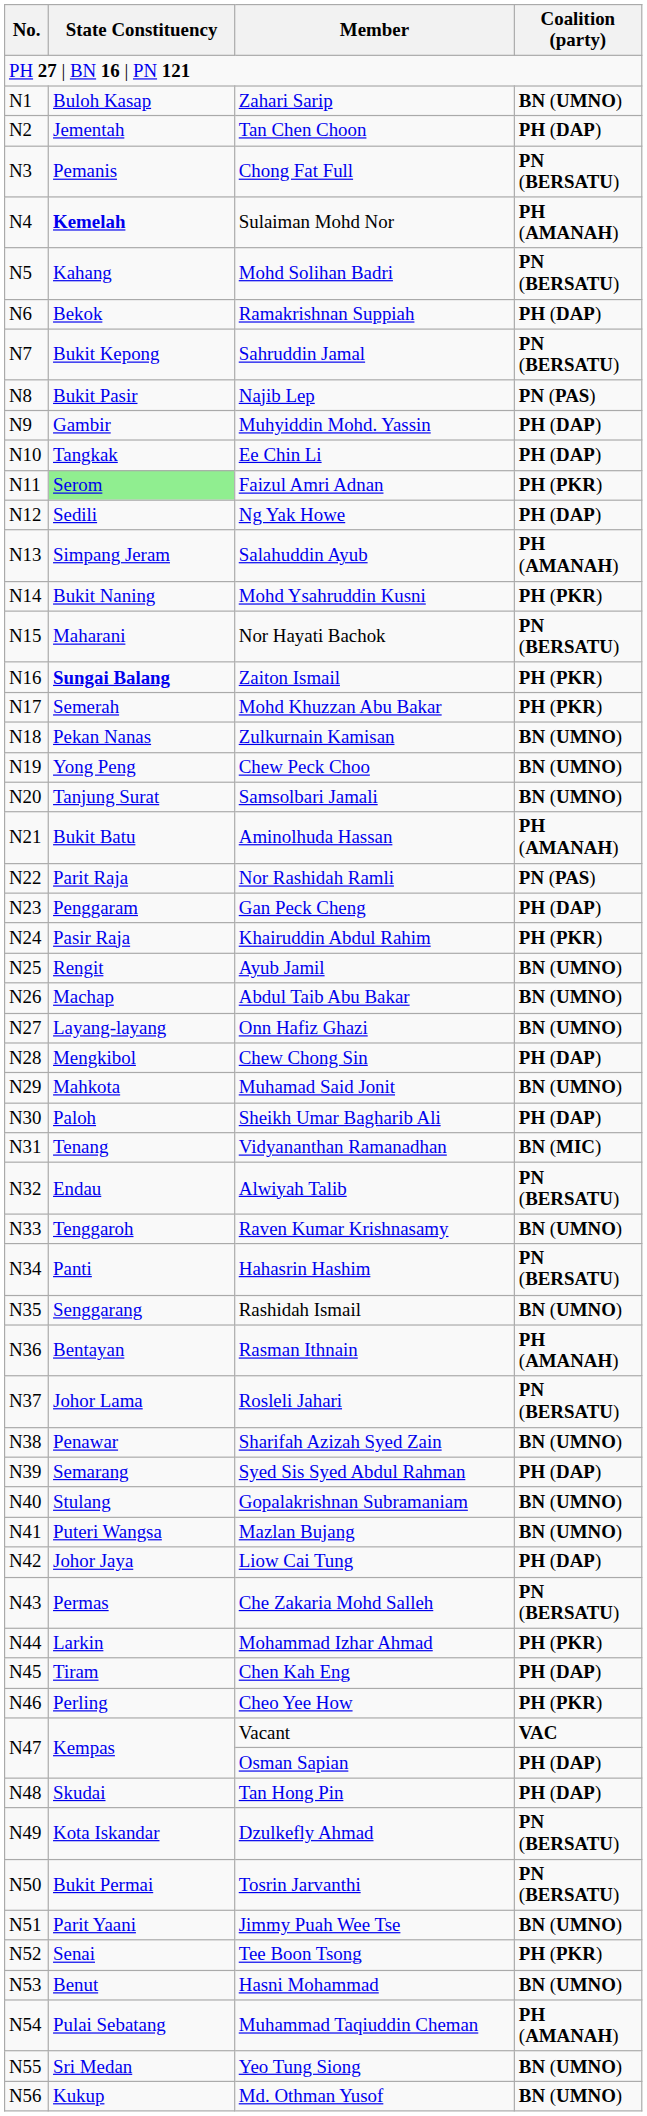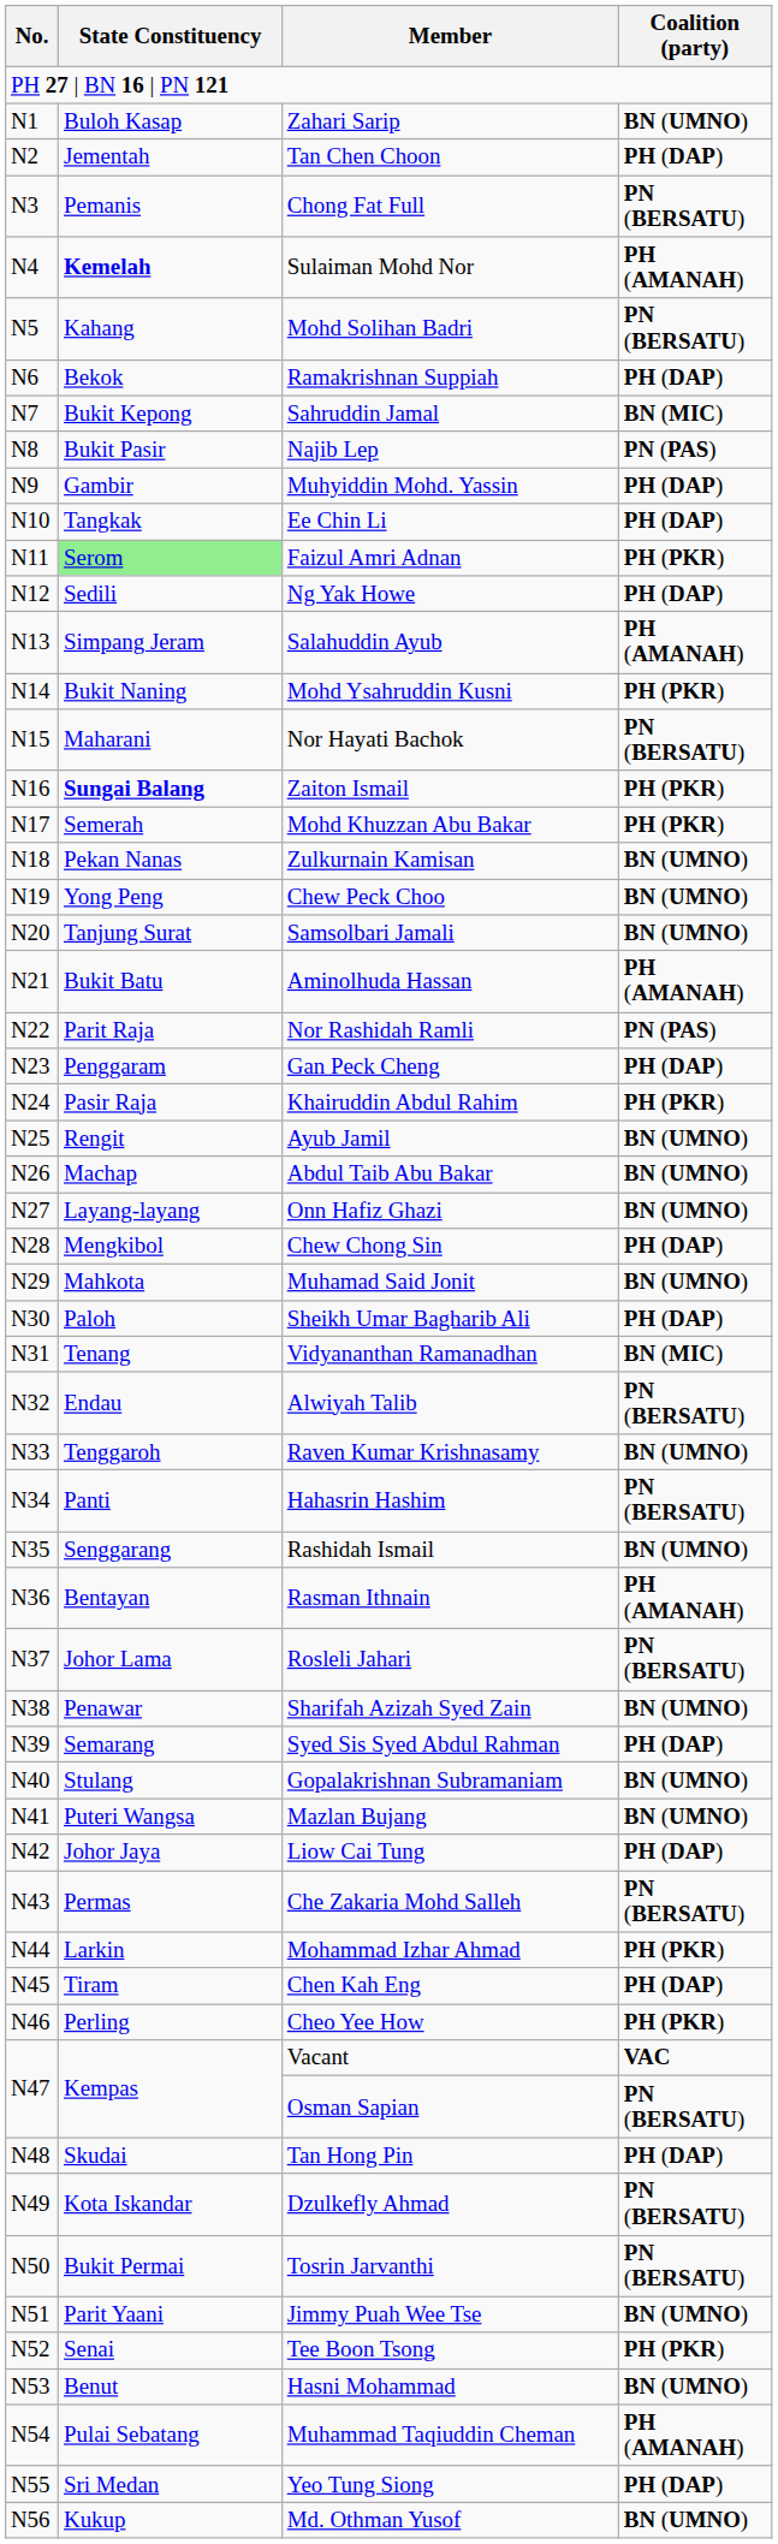 <table class="wikitable sortable">
 <tr>
 <th style="width:30px;">No.</th>
 <th style="width:150px;">State Constituency</th>
 <th style="width:230px;">Member</th>
 <th style="width:100px;">Coalition (party)</th>
 </tr>
 <tr>
 <td colspan="7"><a href='#'>PH</a> <strong>27</strong> | <a href='#'>BN</a> <strong>16</strong> | <a href='#'>PN</a> <strong>12</strong><strong>1</strong></td>
 </tr>
 <tr>
 <td>N1</td>
 <td><a href='#'>Buloh Kasap</a></td>
 <td><a href='#'>Zahari Sarip</a></td>
 <td style="background:"><strong>BN</strong> (<strong>UMNO</strong>)</td>
 </tr>
 <tr>
 <td>N2</td>
 <td><a href='#'>Jementah</a></td>
 <td><a href='#'>Tan Chen Choon</a></td>
 <td style="background:"><strong>PH</strong> (<strong>DAP</strong>)</td>
 </tr>
 <tr>
 <td>N3</td>
 <td><a href='#'>Pemanis</a></td>
 <td><a href='#'>Chong Fat Full</a></td>
 <td style="background:"><strong>PN</strong> (<strong>BERSATU</strong>)</td>
 </tr>
 <tr>
 <td>N4</td>
 <td><strong><a href='#'>Kemelah</a></strong></td>
 <td>Sulaiman Mohd Nor</td>
 <td style="background:"><strong>PH</strong> (<strong>AMANAH</strong>)</td>
 </tr>
 <tr>
 <td>N5</td>
 <td><a href='#'>Kahang</a></td>
 <td><a href='#'>Mohd Solihan Badri</a></td>
 <td style="background:"><strong>PN</strong> (<strong>BERSATU</strong>)</td>
 </tr>
 <tr>
 <td>N6</td>
 <td><a href='#'>Bekok</a></td>
 <td><a href='#'>Ramakrishnan Suppiah</a></td>
 <td style="background:"><strong>PH</strong> (<strong>DAP</strong>)</td>
 </tr>
 <tr>
 <td>N7</td>
 <td><a href='#'>Bukit Kepong</a></td>
 <td><a href='#'>Sahruddin Jamal</a></td>
-<td style="background:"><strong>PN</strong> (<strong>BERSATU</strong>)</td>
+<td style="background:"><strong>BN</strong> (<strong>MIC</strong>)</td>
 </tr>
 <tr>
 <td>N8</td>
 <td><a href='#'>Bukit Pasir</a></td>
 <td><a href='#'>Najib Lep</a></td>
 <td style="background:"><strong>PN</strong> (<strong>PAS</strong>)</td>
 </tr>
 <tr>
 <td>N9</td>
 <td><a href='#'>Gambir</a></td>
 <td><a href='#'>Muhyiddin Mohd. Yassin</a></td>
 <td style="background:"><strong>PH</strong> (<strong>DAP</strong>)</td>
 </tr>
 <tr>
 <td>N10</td>
 <td><a href='#'>Tangkak</a></td>
 <td><a href='#'>Ee Chin Li</a></td>
 <td style="background:"><strong>PH</strong> (<strong>DAP</strong>)</td>
 </tr>
 <tr>
 <td>N11</td>
 <td style="background: lightgreen;"><a href='#'>Serom</a></td>
 <td><a href='#'>Faizul Amri Adnan</a></td>
 <td style="background:"><strong>PH</strong> (<strong>PKR</strong>)</td>
 </tr>
 <tr>
 <td>N12</td>
 <td><a href='#'>Sedili</a></td>
 <td><a href='#'>Ng Yak Howe</a></td>
 <td style="background:"><strong>PH</strong> (<strong>DAP</strong>)</td>
 </tr>
 <tr>
 <td>N13</td>
 <td><a href='#'>Simpang Jeram</a></td>
 <td><a href='#'>Salahuddin Ayub</a></td>
 <td style="background:"><strong>PH</strong> (<strong>AMANAH</strong>)</td>
 </tr>
 <tr>
 <td>N14</td>
 <td><a href='#'>Bukit Naning</a></td>
 <td><a href='#'>Mohd Ysahruddin Kusni</a></td>
 <td style="background:"><strong>PH</strong> (<strong>PKR</strong>)</td>
 </tr>
 <tr>
 <td>N15</td>
 <td><a href='#'>Maharani</a></td>
 <td>Nor Hayati Bachok</td>
 <td style="background:"><strong>PN</strong> (<strong>BERSATU</strong>)</td>
 </tr>
 <tr>
 <td>N16</td>
 <td><strong><a href='#'>Sungai Balang</a></strong></td>
 <td><a href='#'>Zaiton Ismail</a></td>
 <td style="background:"><strong>PH</strong> (<strong>PKR</strong>)</td>
 </tr>
 <tr>
 <td>N17</td>
 <td><a href='#'>Semerah</a></td>
 <td><a href='#'>Mohd Khuzzan Abu Bakar</a></td>
 <td style="background:"><strong>PH</strong> (<strong>PKR</strong>)</td>
 </tr>
 <tr>
 <td>N18</td>
 <td><a href='#'>Pekan Nanas</a></td>
 <td><a href='#'>Zulkurnain Kamisan</a></td>
 <td style="background:"><strong>BN</strong> (<strong>UMNO</strong>)</td>
 </tr>
 <tr>
 <td>N19</td>
 <td><a href='#'>Yong Peng</a></td>
 <td><a href='#'>Chew Peck Choo</a></td>
 <td style="background:"><strong>BN</strong> (<strong>UMNO</strong>)</td>
 </tr>
 <tr>
 <td>N20</td>
 <td><a href='#'>Tanjung Surat</a></td>
 <td><a href='#'>Samsolbari Jamali</a></td>
 <td style="background:"><strong>BN</strong> (<strong>UMNO</strong>)</td>
 </tr>
 <tr>
 <td>N21</td>
 <td><a href='#'>Bukit Batu</a></td>
 <td><a href='#'>Aminolhuda Hassan</a></td>
 <td style="background:"><strong>PH</strong> (<strong>AMANAH</strong>)</td>
 </tr>
 <tr>
 <td>N22</td>
 <td><a href='#'>Parit Raja</a></td>
 <td><a href='#'>Nor Rashidah Ramli</a></td>
 <td style="background:"><strong>PN</strong> (<strong>PAS</strong>)</td>
 </tr>
 <tr>
 <td>N23</td>
 <td><a href='#'>Penggaram</a></td>
 <td><a href='#'>Gan Peck Cheng</a></td>
 <td style="background:"><strong>PH</strong> (<strong>DAP</strong>)</td>
 </tr>
 <tr>
 <td>N24</td>
 <td><a href='#'>Pasir Raja</a></td>
 <td><a href='#'>Khairuddin Abdul Rahim</a></td>
 <td style="background:"><strong>PH</strong> (<strong>PKR</strong>)</td>
 </tr>
 <tr>
 <td>N25</td>
 <td><a href='#'>Rengit</a></td>
 <td><a href='#'>Ayub Jamil</a></td>
 <td style="background:"><strong>BN</strong> (<strong>UMNO</strong>)</td>
 </tr>
 <tr>
 <td>N26</td>
 <td><a href='#'>Machap</a></td>
 <td><a href='#'>Abdul Taib Abu Bakar</a></td>
 <td style="background:"><strong>BN</strong> (<strong>UMNO</strong>)</td>
 </tr>
 <tr>
 <td>N27</td>
 <td><a href='#'>Layang-layang</a></td>
 <td><a href='#'>Onn Hafiz Ghazi</a></td>
 <td style="background:"><strong>BN</strong> (<strong>UMNO</strong>)</td>
 </tr>
 <tr>
 <td>N28</td>
 <td><a href='#'>Mengkibol</a></td>
 <td><a href='#'>Chew Chong Sin</a></td>
 <td style="background:"><strong>PH</strong> (<strong>DAP</strong>)</td>
 </tr>
 <tr>
 <td>N29</td>
 <td><a href='#'>Mahkota</a></td>
 <td><a href='#'>Muhamad Said Jonit</a></td>
 <td style="background:"><strong>BN</strong> (<strong>UMNO</strong>)</td>
 </tr>
 <tr>
 <td>N30</td>
 <td><a href='#'>Paloh</a></td>
 <td><a href='#'>Sheikh Umar Bagharib Ali</a></td>
 <td style="background:"><strong>PH</strong> (<strong>DAP</strong>)</td>
 </tr>
 <tr>
 <td>N31</td>
 <td><a href='#'>Tenang</a></td>
 <td><a href='#'>Vidyananthan Ramanadhan</a></td>
 <td style="background:"><strong>BN</strong> (<strong>MIC</strong>)</td>
 </tr>
 <tr>
 <td>N32</td>
 <td><a href='#'>Endau</a></td>
 <td><a href='#'>Alwiyah Talib</a></td>
 <td style="background:"><strong>PN</strong> (<strong>BERSATU</strong>)</td>
 </tr>
 <tr>
 <td>N33</td>
 <td><a href='#'>Tenggaroh</a></td>
 <td><a href='#'>Raven Kumar Krishnasamy</a></td>
 <td style="background:"><strong>BN</strong> (<strong>UMNO</strong>)</td>
 </tr>
 <tr>
 <td>N34</td>
 <td><a href='#'>Panti</a></td>
 <td><a href='#'>Hahasrin Hashim</a></td>
 <td style="background:"><strong>PN</strong> (<strong>BERSATU</strong>)</td>
 </tr>
 <tr>
 <td>N35</td>
 <td><a href='#'>Senggarang</a></td>
 <td>Rashidah Ismail</td>
 <td style="background:"><strong>BN</strong> (<strong>UMNO</strong>)</td>
 </tr>
 <tr>
 <td>N36</td>
 <td><a href='#'>Bentayan</a></td>
 <td><a href='#'>Rasman Ithnain</a></td>
 <td style="background:"><strong>PH</strong> (<strong>AMANAH</strong>)</td>
 </tr>
 <tr>
 <td>N37</td>
 <td><a href='#'>Johor Lama</a></td>
 <td><a href='#'>Rosleli Jahari</a></td>
 <td style="background:"><strong>PN</strong> (<strong>BERSATU</strong>)</td>
 </tr>
 <tr>
 <td>N38</td>
 <td><a href='#'>Penawar</a></td>
 <td><a href='#'>Sharifah Azizah Syed Zain</a></td>
 <td style="background:"><strong>BN</strong> (<strong>UMNO</strong>)</td>
 </tr>
 <tr>
 <td>N39</td>
 <td><a href='#'>Semarang</a></td>
 <td><a href='#'>Syed Sis Syed Abdul Rahman</a></td>
 <td style="background:"><strong>PH</strong> (<strong>DAP</strong>)</td>
 </tr>
 <tr>
 <td>N40</td>
 <td><a href='#'>Stulang</a></td>
 <td><a href='#'>Gopalakrishnan Subramaniam</a></td>
 <td style="background:"><strong>BN</strong> (<strong>UMNO</strong>)</td>
 </tr>
 <tr>
 <td>N41</td>
 <td><a href='#'>Puteri Wangsa</a></td>
 <td><a href='#'>Mazlan Bujang</a></td>
 <td style="background:"><strong>BN</strong> (<strong>UMNO</strong>)</td>
 </tr>
 <tr>
 <td>N42</td>
 <td><a href='#'>Johor Jaya</a></td>
 <td><a href='#'>Liow Cai Tung</a></td>
 <td style="background:"><strong>PH</strong> (<strong>DAP</strong>)</td>
 </tr>
 <tr>
 <td>N43</td>
 <td><a href='#'>Permas</a></td>
 <td><a href='#'>Che Zakaria Mohd Salleh</a></td>
 <td style="background:"><strong>PN</strong> (<strong>BERSATU</strong>)</td>
 </tr>
 <tr>
 <td>N44</td>
 <td><a href='#'>Larkin</a></td>
 <td><a href='#'>Mohammad Izhar Ahmad</a></td>
 <td style="background:"><strong>PH</strong> (<strong>PKR</strong>)</td>
 </tr>
 <tr>
 <td>N45</td>
 <td><a href='#'>Tiram</a></td>
 <td><a href='#'>Chen Kah Eng</a></td>
 <td style="background:"><strong>PH</strong> (<strong>DAP</strong>)</td>
 </tr>
 <tr>
 <td>N46</td>
 <td><a href='#'>Perling</a></td>
 <td><a href='#'>Cheo Yee How</a></td>
 <td style="background:"><strong>PH</strong> (<strong>PKR</strong>)</td>
 </tr>
 <tr>
 <td rowspan="2">N47</td>
 <td rowspan="2"><a href='#'>Kempas</a></td>
 <td>Vacant </td>
 <td><strong>VAC</strong></td>
 </tr>
 <tr>
 <td><a href='#'>Osman Sapian</a> </td>
-<td style="background:"><strong>PH</strong> (<strong>DAP</strong>)</td>
+<td style="background:"><strong>PN</strong> (<strong>BERSATU</strong>)</td>
 </tr>
 <tr>
 <td>N48</td>
 <td><a href='#'>Skudai</a></td>
 <td><a href='#'>Tan Hong Pin</a></td>
 <td style="background:"><strong>PH</strong> (<strong>DAP</strong>)</td>
 </tr>
 <tr>
 <td>N49</td>
 <td><a href='#'>Kota Iskandar</a></td>
 <td><a href='#'>Dzulkefly Ahmad</a></td>
 <td style="background:"><strong>PN</strong> (<strong>BERSATU</strong>)</td>
 </tr>
 <tr>
 <td>N50</td>
 <td><a href='#'>Bukit Permai</a></td>
 <td><a href='#'>Tosrin Jarvanthi</a></td>
 <td style="background:"><strong>PN</strong> (<strong>BERSATU</strong>)</td>
 </tr>
 <tr>
 <td>N51</td>
 <td><a href='#'>Parit Yaani</a></td>
 <td><a href='#'>Jimmy Puah Wee Tse</a></td>
 <td style="background:"><strong>BN</strong> (<strong>UMNO</strong>)</td>
 </tr>
 <tr>
 <td>N52</td>
 <td><a href='#'>Senai</a></td>
 <td><a href='#'>Tee Boon Tsong</a></td>
 <td style="background:"><strong>PH</strong> (<strong>PKR</strong>)</td>
 </tr>
 <tr>
 <td>N53</td>
 <td><a href='#'>Benut</a></td>
 <td><a href='#'>Hasni Mohammad</a></td>
 <td style="background:"><strong>BN</strong> (<strong>UMNO</strong>)</td>
 </tr>
 <tr>
 <td>N54</td>
 <td><a href='#'>Pulai Sebatang</a></td>
 <td><a href='#'>Muhammad Taqiuddin Cheman</a></td>
 <td style="background:"><strong>PH</strong> (<strong>AMANAH</strong>)</td>
 </tr>
 <tr>
 <td>N55</td>
 <td><a href='#'>Sri Medan</a></td>
 <td><a href='#'>Yeo Tung Siong</a></td>
-<td style="background:"><strong>BN</strong> (<strong>UMNO</strong>)</td>
+<td style="background:"><strong>PH</strong> (<strong>DAP</strong>)</td>
 </tr>
 <tr>
 <td>N56</td>
 <td><a href='#'>Kukup</a></td>
 <td><a href='#'>Md. Othman Yusof</a></td>
 <td style="background:"><strong>BN</strong> (<strong>UMNO</strong>)</td>
 </tr>
 </table>
